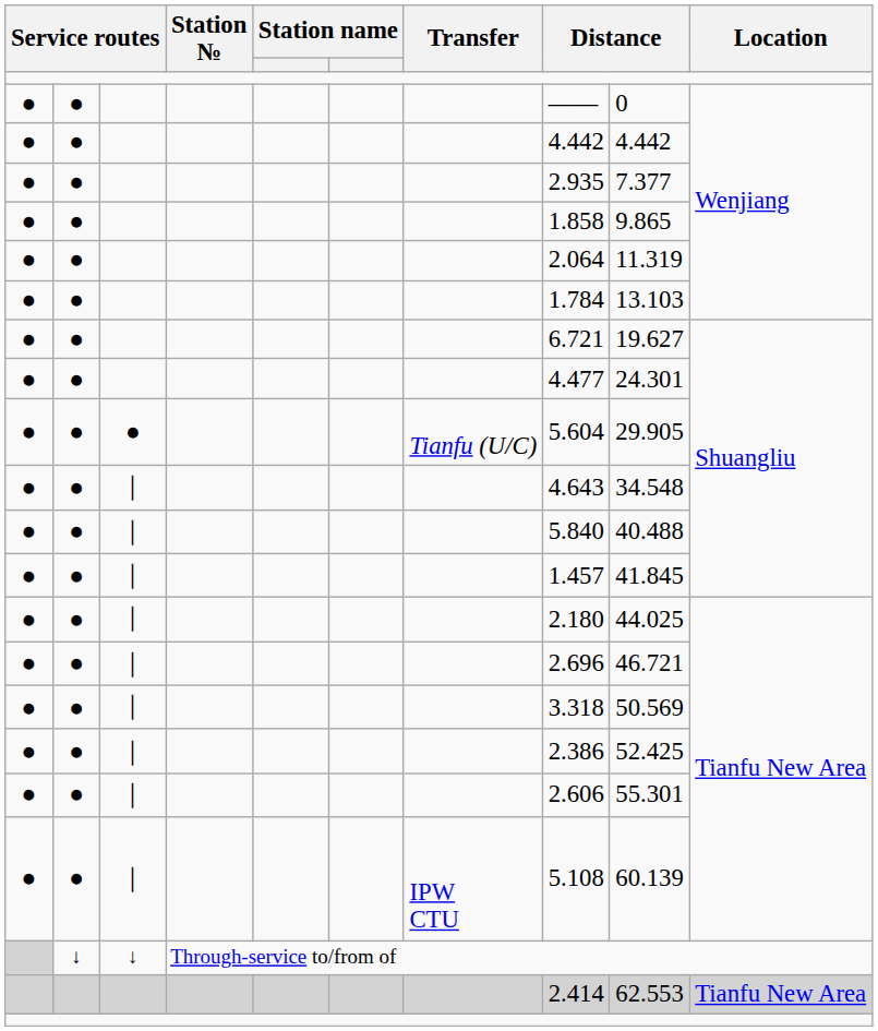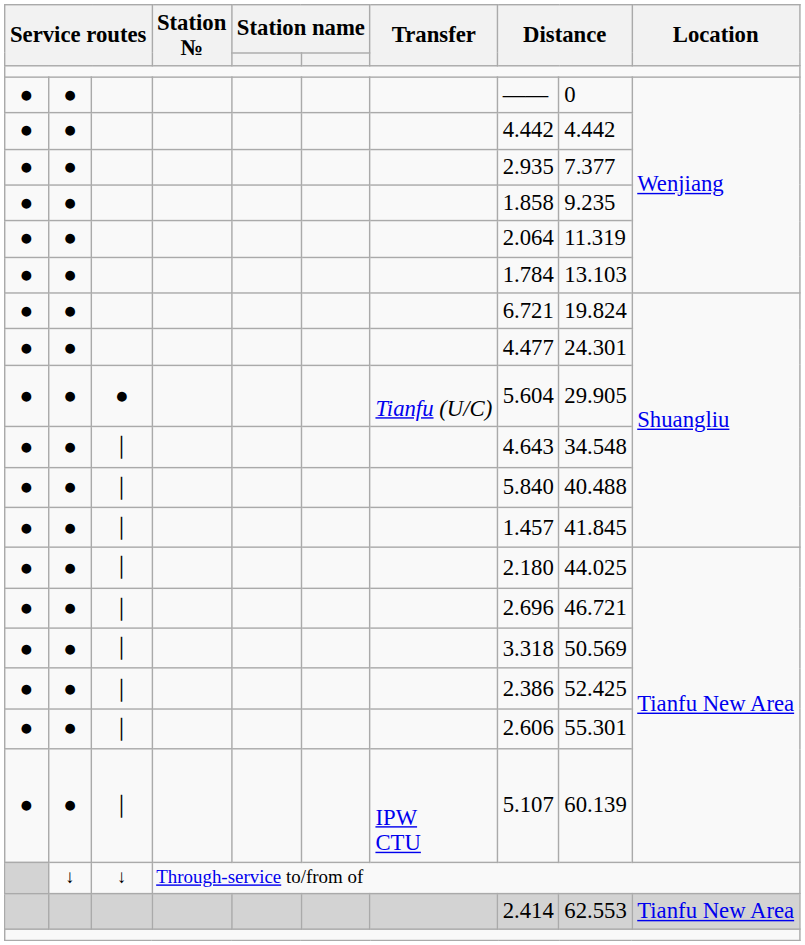 <table class="wikitable">
 <tr>
 <th colspan="3" rowspan="2">Service routes</th>
 <th rowspan="2">Station<br>№</th>
 <th colspan=2>Station name</th>
 <th rowspan=2>Transfer</th>
 <th colspan="2" rowspan="2">Distance<br></th>
 <th rowspan=2>Location</th>
 </tr>
 <tr>
 <th></th>
 <th></th>
 </tr>
 <tr style="background:#">
 <td colspan="10"></td>
 </tr>
 <tr>
 <td align="center">●</td>
 <td align="center">●</td>
 <td align="center"></td>
 <td></td>
 <td></td>
 <td></td>
 <td></td>
 <td>——</td>
 <td>0</td>
 <td rowspan="6"><a href='#'>Wenjiang</a></td>
 </tr>
 <tr>
 <td align="center">●</td>
 <td align="center">●</td>
 <td align="center"></td>
 <td></td>
 <td></td>
 <td></td>
 <td></td>
 <td>4.442</td>
 <td>4.442</td>
 </tr>
 <tr>
 <td align="center">●</td>
 <td align="center">●</td>
 <td align="center"></td>
 <td></td>
 <td></td>
 <td></td>
 <td></td>
 <td>2.935</td>
 <td>7.377</td>
 </tr>
 <tr>
 <td align="center">●</td>
 <td align="center">●</td>
 <td align="center"></td>
 <td></td>
 <td></td>
 <td></td>
 <td></td>
 <td>1.858</td>
-<td>9.865</td>
+<td>9.235</td>
 </tr>
 <tr>
 <td align="center">●</td>
 <td align="center">●</td>
 <td align="center"></td>
 <td></td>
 <td></td>
 <td></td>
 <td></td>
 <td>2.064</td>
 <td>11.319</td>
 </tr>
 <tr>
 <td align="center">●</td>
 <td align="center">●</td>
 <td align="center"></td>
 <td></td>
 <td></td>
 <td></td>
 <td></td>
 <td>1.784</td>
 <td>13.103</td>
 </tr>
 <tr>
 <td align="center">●</td>
 <td align="center">●</td>
 <td align="center"></td>
 <td></td>
 <td></td>
 <td></td>
 <td></td>
 <td>6.721</td>
-<td>19.627</td>
+<td>19.824</td>
 <td rowspan="6"><a href='#'>Shuangliu</a></td>
 </tr>
 <tr>
 <td align="center">●</td>
 <td align="center">●</td>
 <td align="center"></td>
 <td></td>
 <td></td>
 <td></td>
 <td></td>
 <td>4.477</td>
 <td>24.301</td>
 </tr>
 <tr>
 <td align="center">●</td>
 <td align="center">●</td>
 <td align="center">●</td>
 <td></td>
 <td></td>
 <td></td>
 <td><br> <em><a href='#'>Tianfu</a> (U/C)</em></td>
 <td>5.604</td>
 <td>29.905</td>
 </tr>
 <tr>
 <td align="center">●</td>
 <td align="center">●</td>
 <td align="center">｜</td>
 <td></td>
 <td></td>
 <td></td>
 <td></td>
 <td>4.643</td>
 <td>34.548</td>
 </tr>
 <tr>
 <td align="center">●</td>
 <td align="center">●</td>
 <td align="center">｜</td>
 <td></td>
 <td></td>
 <td></td>
 <td></td>
 <td>5.840</td>
 <td>40.488</td>
 </tr>
 <tr>
 <td align="center">●</td>
 <td align="center">●</td>
 <td align="center">｜</td>
 <td></td>
 <td></td>
 <td></td>
 <td></td>
 <td>1.457</td>
 <td>41.845</td>
 </tr>
 <tr>
 <td align="center">●</td>
 <td align="center">●</td>
 <td align="center">｜</td>
 <td></td>
 <td></td>
 <td></td>
 <td></td>
 <td>2.180</td>
 <td>44.025</td>
 <td rowspan="6"><a href='#'>Tianfu New Area</a></td>
 </tr>
 <tr>
 <td align="center">●</td>
 <td align="center">●</td>
 <td align="center">｜</td>
 <td></td>
 <td></td>
 <td></td>
 <td></td>
 <td>2.696</td>
 <td>46.721</td>
 </tr>
 <tr>
 <td align="center">●</td>
 <td align="center">●</td>
 <td align="center">｜</td>
 <td></td>
 <td></td>
 <td></td>
 <td></td>
 <td>3.318</td>
 <td>50.569</td>
 </tr>
 <tr>
 <td align="center">●</td>
 <td align="center">●</td>
 <td align="center">｜</td>
 <td></td>
 <td></td>
 <td></td>
 <td></td>
 <td>2.386</td>
 <td>52.425</td>
 </tr>
 <tr>
 <td align="center">●</td>
 <td align="center">●</td>
 <td align="center">｜</td>
 <td></td>
 <td></td>
 <td></td>
 <td></td>
 <td>2.606</td>
 <td>55.301</td>
 </tr>
 <tr>
 <td align="center">●</td>
 <td align="center">●</td>
 <td align="center">｜</td>
 <td></td>
 <td></td>
 <td></td>
 <td><br><br> <a href='#'>IPW</a><br> <a href='#'>CTU</a></td>
-<td>5.108</td>
+<td>5.107</td>
 <td>60.139</td>
 </tr>
 <tr style="font-size:smaller">
 <td align="center" style="background:lightgrey"></td>
 <td align="center" style="background:#">↓</td>
 <td align="center" style="background:#">↓</td>
 <td colspan="7"><a href='#'>Through-service</a> to/from  of </td>
 </tr>
 <tr style="background:lightgrey">
 <td></td>
 <td></td>
 <td></td>
 <td></td>
 <td></td>
 <td></td>
 <td></td>
 <td>2.414</td>
 <td>62.553</td>
 <td><a href='#'>Tianfu New Area</a></td>
 </tr>
 <tr style="background:#">
 <td colspan="10"></td>
 </tr>
 </table>
